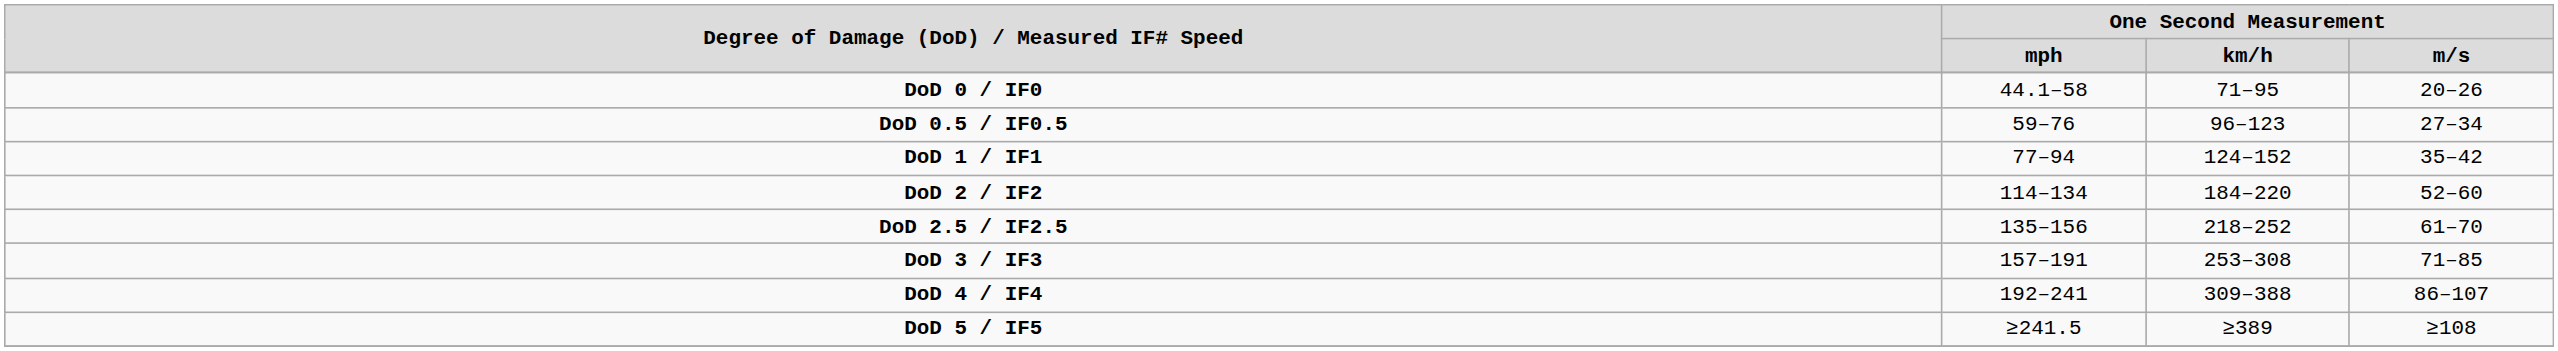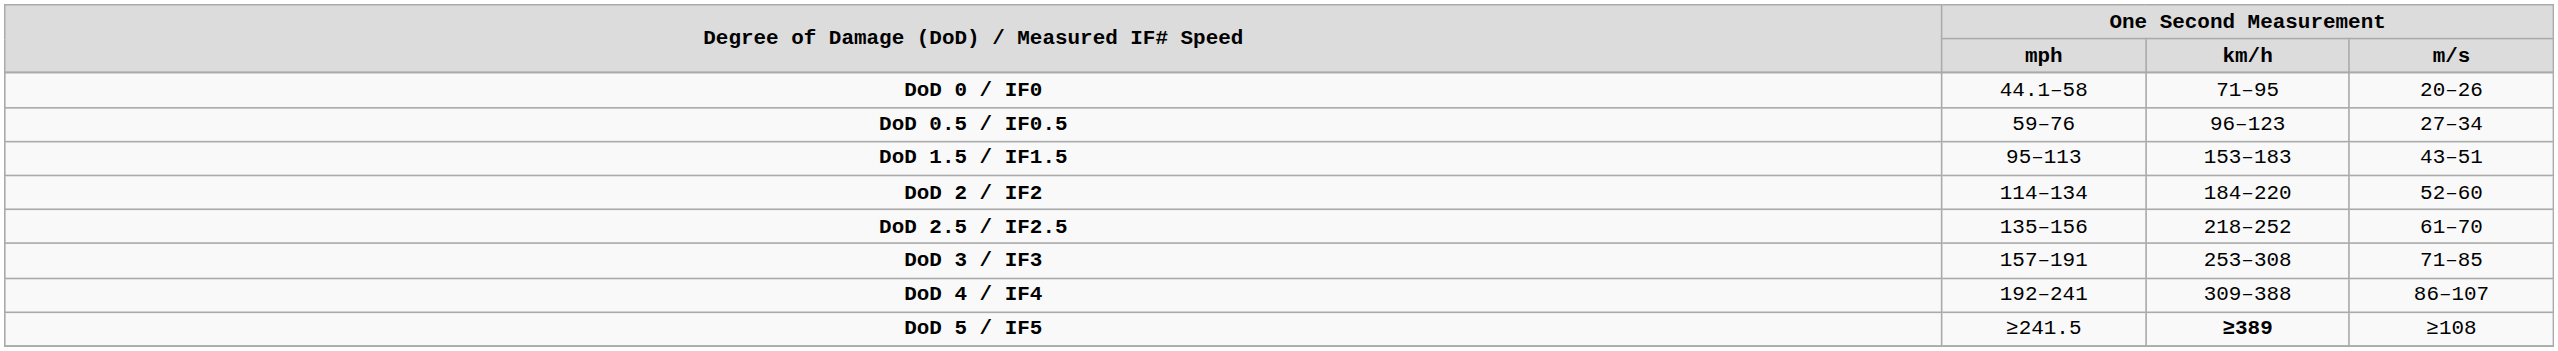 <table class="wikitable" width="100%">
 <tr style="text-align:center; background:gainsboro;">
 <td rowspan="2"><strong>Degree of Damage (DoD) / Measured IF# Speed</strong></td>
 <td colspan="3"><strong>One Second Measurement</strong></td>
 </tr>
 <tr style="text-align:center; background:gainsboro;">
 <td><strong>mph</strong></td>
 <td><strong>km/h</strong></td>
 <td><strong>m/s</strong></td>
 </tr>
 <tr>
 </tr>
 <tr>
 <td align="center"><strong>DoD 0 / IF0</strong></td>
 <td style="text-align:center; width:8%;">44.1–58</td>
 <td style="text-align:center; width:8%;">71–95</td>
 <td style="text-align:center; width:8%;">20–26</td>
 </tr>
 <tr>
 <td align="center"><strong>DoD 0.5 / IF0.5</strong></td>
 <td style="text-align:center; width:8%;">59–76</td>
 <td style="text-align:center; width:8%;">96–123</td>
 <td style="text-align:center; width:8%;">27–34</td>
 </tr>
 <tr>
-<td align="center"><strong>DoD 1 / IF1</strong></td>
-<td style="text-align:center; width:8%;">77–94</td>
-<td style="text-align:center; width:8%;">124–152</td>
-<td style="text-align:center; width:8%;">35–42</td>
+<td align="center"><strong>DoD 1.5 / IF1.5</strong></td>
+<td style="text-align:center; width:8%;">95–113</td>
+<td style="text-align:center; width:8%;">153–183</td>
+<td style="text-align:center; width:8%;">43–51</td>
 </tr>
 <tr>
 <td align="center"><strong>DoD 2 / IF2</strong></td>
 <td style="text-align:center; width:8%;">114–134</td>
 <td style="text-align:center; width:8%;">184–220</td>
 <td style="text-align:center; width:8%;">52–60</td>
 </tr>
 <tr>
 <td align="center"><strong>DoD 2.5 / IF2.5</strong></td>
 <td style="text-align:center; width:8%;">135–156</td>
 <td style="text-align:center; width:8%;">218–252</td>
 <td style="text-align:center; width:8%;">61–70</td>
 </tr>
 <tr>
 <td align="center"><strong>DoD 3 / IF3</strong></td>
 <td style="text-align:center; width:8%;">157–191</td>
 <td style="text-align:center; width:8%;">253–308</td>
 <td style="text-align:center; width:8%;">71–85</td>
 </tr>
 <tr>
 <td align="center"><strong>DoD 4 / IF4</strong></td>
 <td style="text-align:center; width:8%;">192–241</td>
 <td style="text-align:center; width:8%;">309–388</td>
 <td style="text-align:center; width:8%;">86–107</td>
 </tr>
 <tr>
 <td align="center"><strong>DoD 5 / IF5</strong></td>
 <td style="text-align:center; width:8%;">≥241.5</td>
-<td style="text-align:center; width:8%;">≥389</td>
+<td style="text-align:center; width:8%;"><strong>≥389</strong></td>
 <td style="text-align:center; width:8%;">≥108</td>
 </tr>
 <tr>
 </tr>
 </table>
